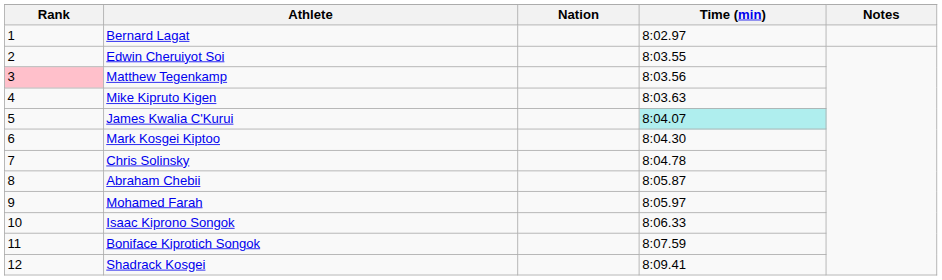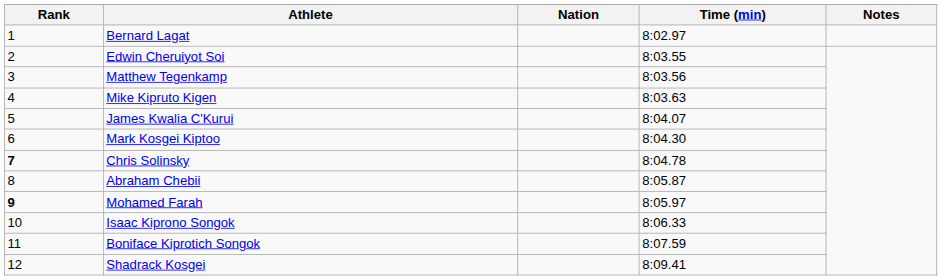 <table class="wikitable" width=90%>
 <tr>
 </tr>
 <tr>
 <th>Rank</th>
 <th>Athlete</th>
 <th>Nation</th>
 <th>Time (<a href='#'>min</a>)</th>
 <th>Notes</th>
 </tr>
 <tr>
 <td>1</td>
 <td><a href='#'>Bernard Lagat</a></td>
 <td></td>
 <td>8:02.97</td>
 <td></td>
 </tr>
 <tr>
 <td>2</td>
 <td><a href='#'>Edwin Cheruiyot Soi</a></td>
 <td></td>
 <td>8:03.55</td>
 </tr>
 <tr>
-<td style="background: pink;">3</td>
+<td>3</td>
 <td><a href='#'>Matthew Tegenkamp</a></td>
 <td></td>
 <td>8:03.56</td>
 </tr>
 <tr>
 <td>4</td>
 <td><a href='#'>Mike Kipruto Kigen</a></td>
 <td></td>
 <td>8:03.63</td>
 </tr>
 <tr>
 <td>5</td>
 <td><a href='#'>James Kwalia C'Kurui</a></td>
 <td></td>
-<td style="background: paleturquoise;">8:04.07</td>
+<td>8:04.07</td>
 </tr>
 <tr>
 <td>6</td>
 <td><a href='#'>Mark Kosgei Kiptoo</a></td>
 <td></td>
 <td>8:04.30</td>
 </tr>
 <tr>
-<td>7</td>
+<td><strong>7</strong></td>
 <td><a href='#'>Chris Solinsky</a></td>
 <td></td>
 <td>8:04.78</td>
 </tr>
 <tr>
 <td>8</td>
 <td><a href='#'>Abraham Chebii</a></td>
 <td></td>
 <td>8:05.87</td>
 </tr>
 <tr>
-<td>9</td>
+<td><strong>9</strong></td>
 <td><a href='#'>Mohamed Farah</a></td>
 <td></td>
 <td>8:05.97</td>
 </tr>
 <tr>
 <td>10</td>
 <td><a href='#'>Isaac Kiprono Songok</a></td>
 <td></td>
 <td>8:06.33</td>
 </tr>
 <tr>
 <td>11</td>
 <td><a href='#'>Boniface Kiprotich Songok</a></td>
 <td></td>
 <td>8:07.59</td>
 </tr>
 <tr>
 <td>12</td>
 <td><a href='#'>Shadrack Kosgei</a></td>
 <td></td>
 <td>8:09.41</td>
 </tr>
 </table>
